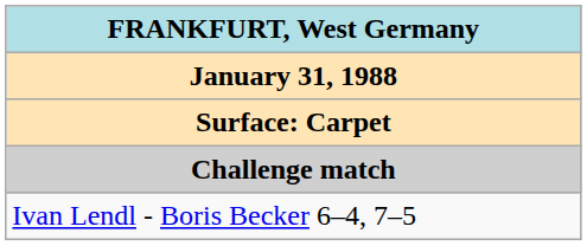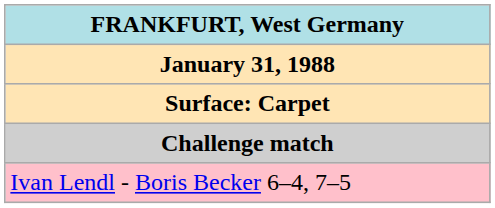 <table class="wikitable" style="font-size:95%;">
 <tr>
 <th colspan="2" style="background:#B0E0E6" width="300">FRANKFURT, West Germany</th>
 </tr>
 <tr>
 <th colspan="2" style="background:#FFE5B4" width="300">January 31, 1988</th>
 </tr>
 <tr>
 <th colspan="2" style="background:#FFE5B4" width="300">Surface: Carpet</th>
 </tr>
 <tr>
 <th colspan="2" style="background:#cfcfcf" width="300">Challenge match</th>
 </tr>
 <tr>
-<td><a href='#'>Ivan Lendl</a> - <a href='#'>Boris Becker</a> 6–4, 7–5</td>
+<td style="background: pink;"><a href='#'>Ivan Lendl</a> - <a href='#'>Boris Becker</a> 6–4, 7–5</td>
 </tr>
 </table>
